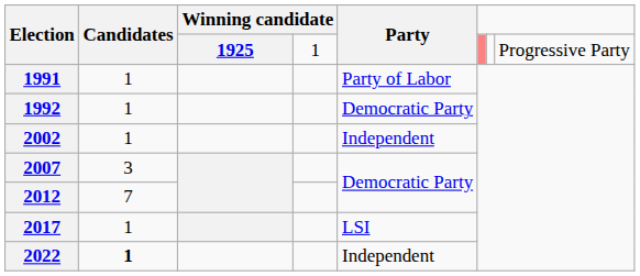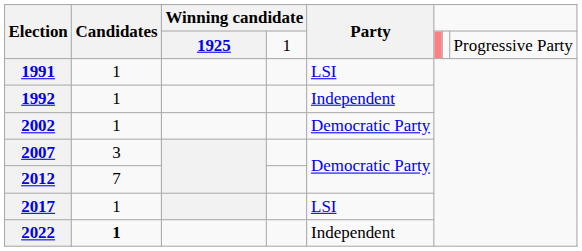 <table class="wikitable sortable" style="text-align:right;">
 <tr>
 <th scope="col" rowspan="2">Election</th>
 <th scope="col" rowspan="2">Candidates</th>
 <th colspan="2">Winning candidate</th>
 <th scope="col" rowspan="2">Party</th>
 </tr>
 <tr>
 <th scope="row"><a href='#'>1925</a></th>
 <td style="text-align:center;">1</td>
 <td style="background:#ff8080; color:white;"></td>
 <td style="text-align:left;"></td>
 <td style="text-align:left;">Progressive Party</td>
 </tr>
 <tr>
 <th scope="row"><a href='#'>1991</a></th>
 <td style="text-align:center;">1</td>
 <td style="background:"></td>
 <td style="text-align:left;"></td>
-<td style="text-align:left;"><a href='#'>Party of Labor</a></td>
+<td style="text-align:left;"><a href='#'>LSI</a></td>
 </tr>
 <tr>
 <th scope="row"><a href='#'>1992</a></th>
 <td style="text-align:center;">1</td>
 <td style="background:"></td>
 <td style="text-align:left;"></td>
-<td style="text-align:left;"><a href='#'>Democratic Party</a></td>
+<td style="text-align:left;"><a href='#'>Independent</a></td>
 </tr>
 <tr>
 <th scope="row"><a href='#'>2002</a></th>
 <td style="text-align:center;">1</td>
 <td style="background:"></td>
 <td style="text-align:left;"></td>
-<td style="text-align:left;"><a href='#'>Independent</a></td>
+<td style="text-align:left;"><a href='#'>Democratic Party</a></td>
 </tr>
 <tr>
 <th scope="row"><a href='#'>2007</a></th>
 <td style="text-align:center;">3</td>
 <th rowspan="2" style="background:"></th>
 <td style="text-align:left;"></td>
 <td rowspan="2" style="text-align:left;"><a href='#'>Democratic Party</a></td>
 </tr>
 <tr>
 <th scope="row"><a href='#'>2012</a></th>
 <td style="text-align:center;">7</td>
 <td style="text-align:left;"></td>
 </tr>
 <tr>
 <th scope="row"><a href='#'>2017</a></th>
 <td style="text-align:center;">1</td>
 <th style="background:"></th>
 <td style="text-align:left;"></td>
 <td style="text-align:left;"><a href='#'>LSI</a></td>
 </tr>
 <tr>
 <th scope="row"><a href='#'>2022</a></th>
 <td style="text-align:center;"><strong>1</strong></td>
 <td style="background:"></td>
 <td style="text-align:left;"></td>
 <td style="text-align:left;">Independent</td>
 </tr>
 </table>
